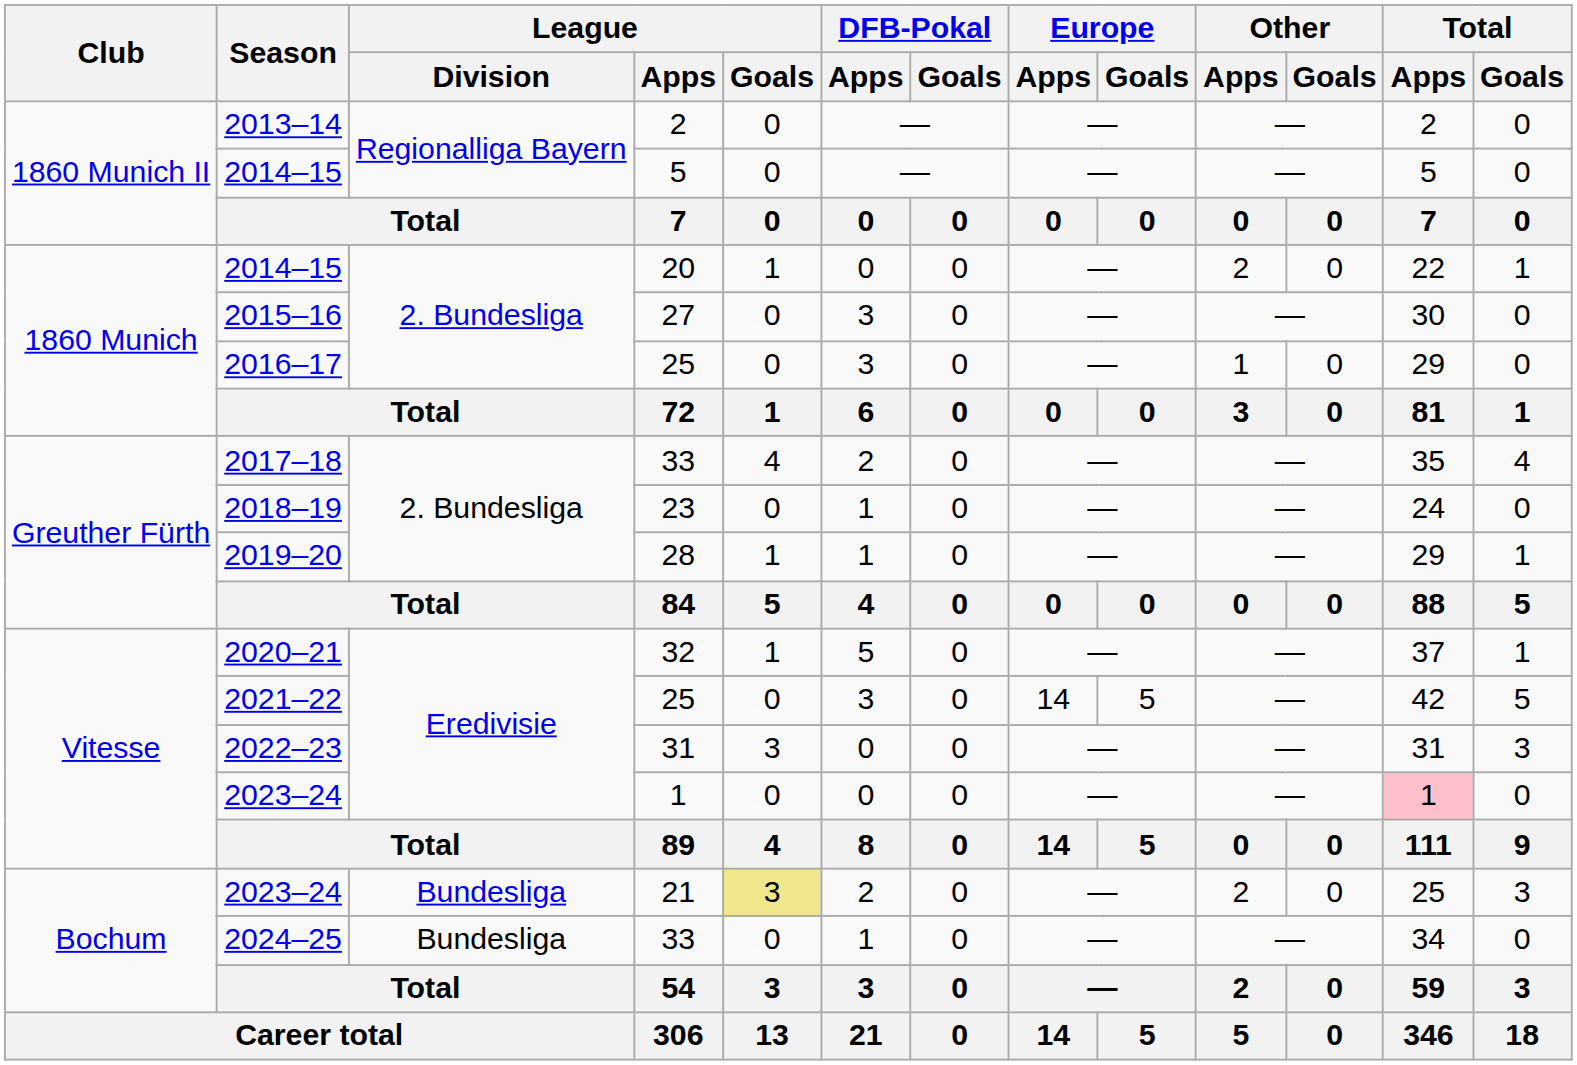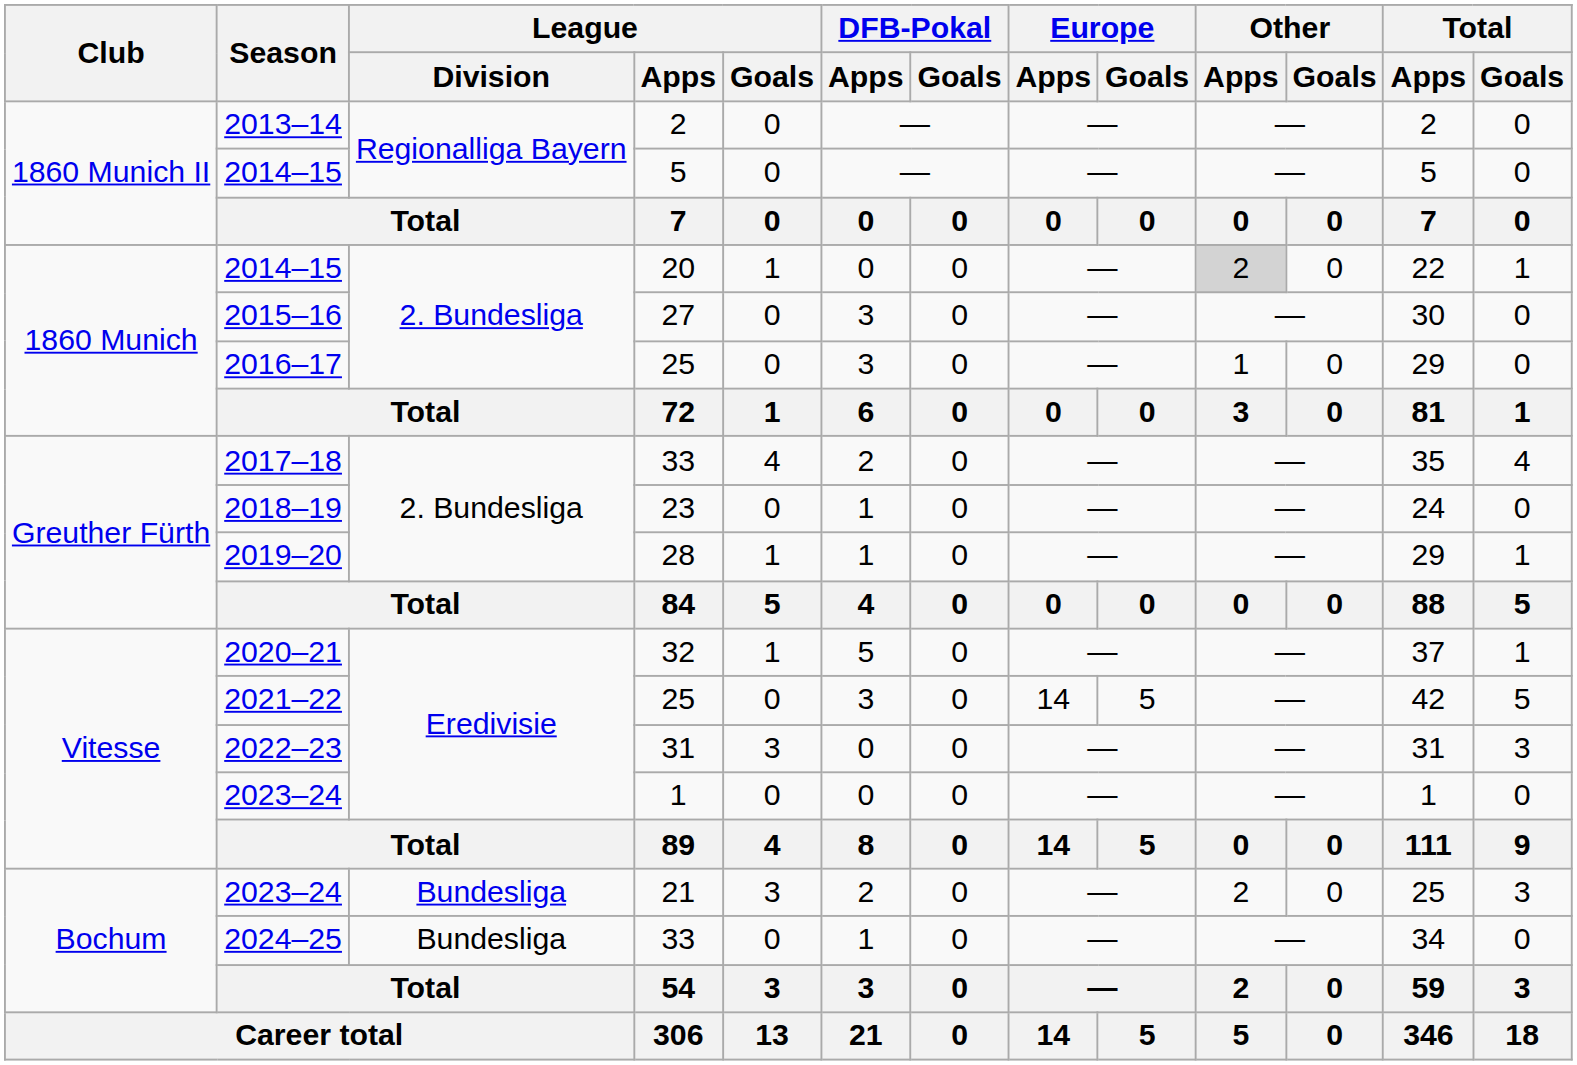 <table class="wikitable" style="text-align:center">
 <tr>
 <th rowspan="2">Club</th>
 <th rowspan="2">Season</th>
 <th colspan="3">League</th>
 <th colspan="2"><a href='#'>DFB-Pokal</a></th>
 <th colspan="2"><a href='#'>Europe</a></th>
 <th colspan="2">Other</th>
 <th colspan="2">Total</th>
 </tr>
 <tr>
 <th>Division</th>
 <th>Apps</th>
 <th>Goals</th>
 <th>Apps</th>
 <th>Goals</th>
 <th>Apps</th>
 <th>Goals</th>
 <th>Apps</th>
 <th>Goals</th>
 <th>Apps</th>
 <th>Goals</th>
 </tr>
 <tr>
 <td rowspan="3"><a href='#'>1860 Munich II</a></td>
 <td><a href='#'>2013–14</a></td>
 <td rowspan="2"><a href='#'>Regionalliga Bayern</a></td>
 <td>2</td>
 <td>0</td>
 <td colspan="2">—</td>
 <td colspan="2">—</td>
 <td colspan="2">—</td>
 <td>2</td>
 <td>0</td>
 </tr>
 <tr>
 <td><a href='#'>2014–15</a></td>
 <td>5</td>
 <td>0</td>
 <td colspan="2">—</td>
 <td colspan="2">—</td>
 <td colspan="2">—</td>
 <td>5</td>
 <td>0</td>
 </tr>
 <tr>
 <th colspan="2">Total</th>
 <th>7</th>
 <th>0</th>
 <th>0</th>
 <th>0</th>
 <th>0</th>
 <th>0</th>
 <th>0</th>
 <th>0</th>
 <th>7</th>
 <th>0</th>
 </tr>
 <tr>
 <td rowspan="4"><a href='#'>1860 Munich</a></td>
 <td><a href='#'>2014–15</a></td>
 <td rowspan="3"><a href='#'>2. Bundesliga</a></td>
 <td>20</td>
 <td>1</td>
 <td>0</td>
 <td>0</td>
 <td colspan="2">—</td>
-<td>2</td>
+<td style="background: lightgrey;">2</td>
 <td>0</td>
 <td>22</td>
 <td>1</td>
 </tr>
 <tr>
 <td><a href='#'>2015–16</a></td>
 <td>27</td>
 <td>0</td>
 <td>3</td>
 <td>0</td>
 <td colspan="2">—</td>
 <td colspan="2">—</td>
 <td>30</td>
 <td>0</td>
 </tr>
 <tr>
 <td><a href='#'>2016–17</a></td>
 <td>25</td>
 <td>0</td>
 <td>3</td>
 <td>0</td>
 <td colspan="2">—</td>
 <td>1</td>
 <td>0</td>
 <td>29</td>
 <td>0</td>
 </tr>
 <tr>
 <th colspan="2">Total</th>
 <th>72</th>
 <th>1</th>
 <th>6</th>
 <th>0</th>
 <th>0</th>
 <th>0</th>
 <th>3</th>
 <th>0</th>
 <th>81</th>
 <th>1</th>
 </tr>
 <tr>
 <td rowspan="4"><a href='#'>Greuther Fürth</a></td>
 <td><a href='#'>2017–18</a></td>
 <td rowspan="3">2. Bundesliga</td>
 <td>33</td>
 <td>4</td>
 <td>2</td>
 <td>0</td>
 <td colspan="2">—</td>
 <td colspan="2">—</td>
 <td>35</td>
 <td>4</td>
 </tr>
 <tr>
 <td><a href='#'>2018–19</a></td>
 <td>23</td>
 <td>0</td>
 <td>1</td>
 <td>0</td>
 <td colspan="2">—</td>
 <td colspan="2">—</td>
 <td>24</td>
 <td>0</td>
 </tr>
 <tr>
 <td><a href='#'>2019–20</a></td>
 <td>28</td>
 <td>1</td>
 <td>1</td>
 <td>0</td>
 <td colspan="2">—</td>
 <td colspan="2">—</td>
 <td>29</td>
 <td>1</td>
 </tr>
 <tr>
 <th colspan="2">Total</th>
 <th>84</th>
 <th>5</th>
 <th>4</th>
 <th>0</th>
 <th>0</th>
 <th>0</th>
 <th>0</th>
 <th>0</th>
 <th>88</th>
 <th>5</th>
 </tr>
 <tr>
 <td rowspan="5"><a href='#'>Vitesse</a></td>
 <td><a href='#'>2020–21</a></td>
 <td rowspan="4"><a href='#'>Eredivisie</a></td>
 <td>32</td>
 <td>1</td>
 <td>5</td>
 <td>0</td>
 <td colspan="2">—</td>
 <td colspan="2">—</td>
 <td>37</td>
 <td>1</td>
 </tr>
 <tr>
 <td><a href='#'>2021–22</a></td>
 <td>25</td>
 <td>0</td>
 <td>3</td>
 <td>0</td>
 <td>14</td>
 <td>5</td>
 <td colspan="2">—</td>
 <td>42</td>
 <td>5</td>
 </tr>
 <tr>
 <td><a href='#'>2022–23</a></td>
 <td>31</td>
 <td>3</td>
 <td>0</td>
 <td>0</td>
 <td colspan="2">—</td>
 <td colspan="2">—</td>
 <td>31</td>
 <td>3</td>
 </tr>
 <tr>
 <td><a href='#'>2023–24</a></td>
 <td>1</td>
 <td>0</td>
 <td>0</td>
 <td>0</td>
 <td colspan="2">—</td>
 <td colspan="2">—</td>
-<td style="background: pink;">1</td>
+<td>1</td>
 <td>0</td>
 </tr>
 <tr>
 <th colspan="2">Total</th>
 <th>89</th>
 <th>4</th>
 <th>8</th>
 <th>0</th>
 <th>14</th>
 <th>5</th>
 <th>0</th>
 <th>0</th>
 <th>111</th>
 <th>9</th>
 </tr>
 <tr>
 <td rowspan="3"><a href='#'>Bochum</a></td>
 <td><a href='#'>2023–24</a></td>
 <td><a href='#'>Bundesliga</a></td>
 <td>21</td>
-<td style="background: khaki;">3</td>
+<td>3</td>
 <td>2</td>
 <td>0</td>
 <td colspan="2">—</td>
 <td>2</td>
 <td>0</td>
 <td>25</td>
 <td>3</td>
 </tr>
 <tr>
 <td><a href='#'>2024–25</a></td>
 <td>Bundesliga</td>
 <td>33</td>
 <td>0</td>
 <td>1</td>
 <td>0</td>
 <td colspan="2">—</td>
 <td colspan="2">—</td>
 <td>34</td>
 <td>0</td>
 </tr>
 <tr>
 <th colspan="2">Total</th>
 <th>54</th>
 <th>3</th>
 <th>3</th>
 <th>0</th>
 <th colspan="2">—</th>
 <th>2</th>
 <th>0</th>
 <th>59</th>
 <th>3</th>
 </tr>
 <tr>
 <th colspan="3">Career total</th>
 <th>306</th>
 <th>13</th>
 <th>21</th>
 <th>0</th>
 <th>14</th>
 <th>5</th>
 <th>5</th>
 <th>0</th>
 <th>346</th>
 <th>18</th>
 </tr>
 </table>
